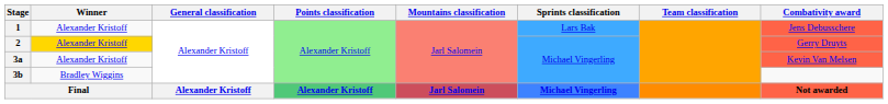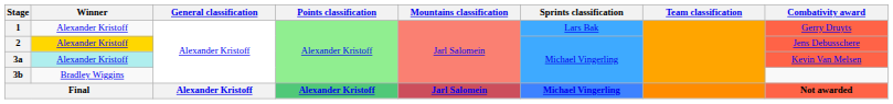 <table class="wikitable" style="text-align: center; font-size:smaller;">
 <tr>
 <th style="width:1.02%;">Stage</th>
 <th style="width:14.14%;">Winner</th>
 <th style="width:14.14%;"><a href='#'>General classification</a><br></th>
 <th style="width:14.14%;"><a href='#'>Points classification</a><br></th>
 <th style="width:14.14%;"><a href='#'>Mountains classification</a><br></th>
 <th style="width:14.14%;">Sprints classification<br></th>
 <th style="width:14.14%;"><a href='#'>Team classification</a></th>
 <th style="width:14.14%;"><a href='#'>Combativity award</a></th>
 </tr>
 <tr>
 <th>1</th>
 <td><a href='#'>Alexander Kristoff</a></td>
 <td style="background:white;" rowspan=4><a href='#'>Alexander Kristoff</a></td>
 <td style="background:lightgreen;" rowspan=4><a href='#'>Alexander Kristoff</a></td>
 <td style="background:salmon;" rowspan=4><a href='#'>Jarl Salomein</a></td>
 <td style="background:#3eaaff;"><a href='#'>Lars Bak</a></td>
 <td style="background:orange;" rowspan=4></td>
-<td style="background:tomato;"><a href='#'>Jens Debusschere</a></td>
+<td style="background:tomato;"><a href='#'>Gerry Druyts</a></td>
 </tr>
 <tr>
 <th>2</th>
 <td style="background: gold;"><a href='#'>Alexander Kristoff</a></td>
 <td style="background:#3eaaff;" rowspan=3><a href='#'>Michael Vingerling</a></td>
-<td style="background:tomato;"><a href='#'>Gerry Druyts</a></td>
+<td style="background:tomato;"><a href='#'>Jens Debusschere</a></td>
 </tr>
 <tr>
 <th>3a</th>
-<td><a href='#'>Alexander Kristoff</a></td>
+<td style="background: paleturquoise;"><a href='#'>Alexander Kristoff</a></td>
 <td style="background:tomato;"><a href='#'>Kevin Van Melsen</a></td>
 </tr>
 <tr>
 <th>3b</th>
 <td><a href='#'>Bradley Wiggins</a></td>
 <td></td>
 </tr>
 <tr>
 <th colspan=2>Final</th>
 <th style="background:#f2f2f2;"><a href='#'>Alexander Kristoff</a></th>
 <th style="background:#50c878;"><a href='#'>Alexander Kristoff</a></th>
 <th style="background:#cc4e5c;"><a href='#'>Jarl Salomein</a></th>
 <th style="background:#3e82ff;"><a href='#'>Michael Vingerling</a></th>
 <th style="background:darkorange;"></th>
 <th style="background:tomato;">Not awarded</th>
 </tr>
 </table>
